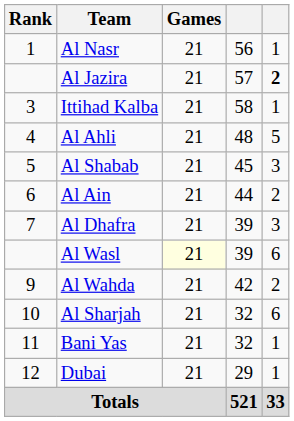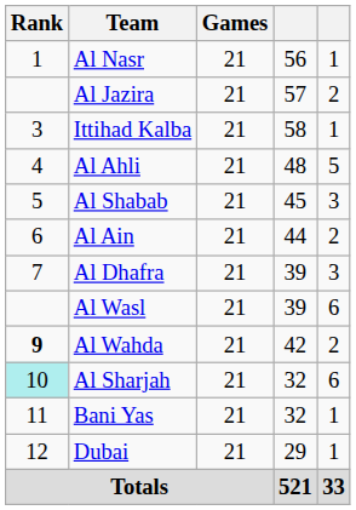 <table class="wikitable sortable">
 <tr>
 <th>Rank</th>
 <th>Team</th>
 <th>Games</th>
 <th></th>
 <th></th>
 </tr>
 <tr>
 <td align=center>1</td>
 <td><a href='#'>Al Nasr</a></td>
 <td align=center>21</td>
 <td align=center>56</td>
 <td align=center>1</td>
 </tr>
 <tr>
 <td></td>
 <td><a href='#'>Al Jazira</a></td>
 <td align=center>21</td>
 <td align=center>57</td>
-<td align=center><strong>2</strong></td>
+<td align=center>2</td>
 </tr>
 <tr>
 <td align=center>3</td>
 <td><a href='#'>Ittihad Kalba</a></td>
 <td align=center>21</td>
 <td align=center>58</td>
 <td align=center>1</td>
 </tr>
 <tr>
 <td align=center>4</td>
 <td><a href='#'>Al Ahli</a></td>
 <td align=center>21</td>
 <td align=center>48</td>
 <td align=center>5</td>
 </tr>
 <tr>
 <td align=center>5</td>
 <td><a href='#'>Al Shabab</a></td>
 <td align=center>21</td>
 <td align=center>45</td>
 <td align=center>3</td>
 </tr>
 <tr>
 <td align=center>6</td>
 <td><a href='#'>Al Ain</a></td>
 <td align=center>21</td>
 <td align=center>44</td>
 <td align=center>2</td>
 </tr>
 <tr>
 <td align=center>7</td>
 <td><a href='#'>Al Dhafra</a></td>
 <td align=center>21</td>
 <td align=center>39</td>
 <td align=center>3</td>
 </tr>
 <tr>
 <td></td>
 <td><a href='#'>Al Wasl</a></td>
-<td align=center style="background: lightyellow;">21</td>
+<td align=center>21</td>
 <td align=center>39</td>
 <td align=center>6</td>
 </tr>
 <tr>
-<td align=center>9</td>
+<td align=center><strong>9</strong></td>
 <td><a href='#'>Al Wahda</a></td>
 <td align=center>21</td>
 <td align=center>42</td>
 <td align=center>2</td>
 </tr>
 <tr>
-<td align=center>10</td>
+<td align=center style="background: paleturquoise;">10</td>
 <td><a href='#'>Al Sharjah</a></td>
 <td align=center>21</td>
 <td align=center>32</td>
 <td align=center>6</td>
 </tr>
 <tr>
 <td align=center>11</td>
 <td><a href='#'>Bani Yas</a></td>
 <td align=center>21</td>
 <td align=center>32</td>
 <td align=center>1</td>
 </tr>
 <tr>
 <td align=center>12</td>
 <td><a href='#'>Dubai</a></td>
 <td align=center>21</td>
 <td align=center>29</td>
 <td align=center>1</td>
 </tr>
 <tr align=center>
 <th style="background: #DCDCDC" colspan="3">Totals</th>
 <th style="background: #DCDCDC">521</th>
 <th style="background: #DCDCDC">33</th>
 </tr>
 </table>
